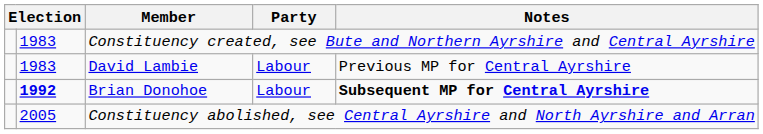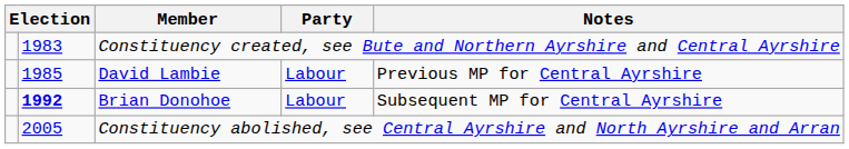 <table class="wikitable">
 <tr>
 <th colspan="2">Election</th>
 <th>Member</th>
 <th>Party</th>
 <th>Notes</th>
 </tr>
 <tr>
 <td></td>
 <td><a href='#'>1983</a></td>
 <td colspan="3"><em>Constituency created, see <a href='#'>Bute and Northern Ayrshire</a> and <a href='#'>Central Ayrshire</a></em></td>
 </tr>
 <tr>
 <td style="color:inherit;background-color: "></td>
-<td><a href='#'>1983</a></td>
+<td><a href='#'>1985</a></td>
 <td><a href='#'>David Lambie</a></td>
 <td><a href='#'>Labour</a></td>
 <td>Previous MP for <a href='#'>Central Ayrshire</a></td>
 </tr>
 <tr>
 <td style="color:inherit;background-color: "></td>
 <td><strong><a href='#'>1992</a></strong></td>
 <td><a href='#'>Brian Donohoe</a></td>
 <td><a href='#'>Labour</a></td>
-<td><strong>Subsequent MP for <a href='#'>Central Ayrshire</a></strong></td>
+<td>Subsequent MP for <a href='#'>Central Ayrshire</a></td>
 </tr>
 <tr>
 <td></td>
 <td><a href='#'>2005</a></td>
 <td colspan="3"><em>Constituency abolished, see <a href='#'>Central Ayrshire</a> and <a href='#'>North Ayrshire and Arran</a></em></td>
 </tr>
 </table>
